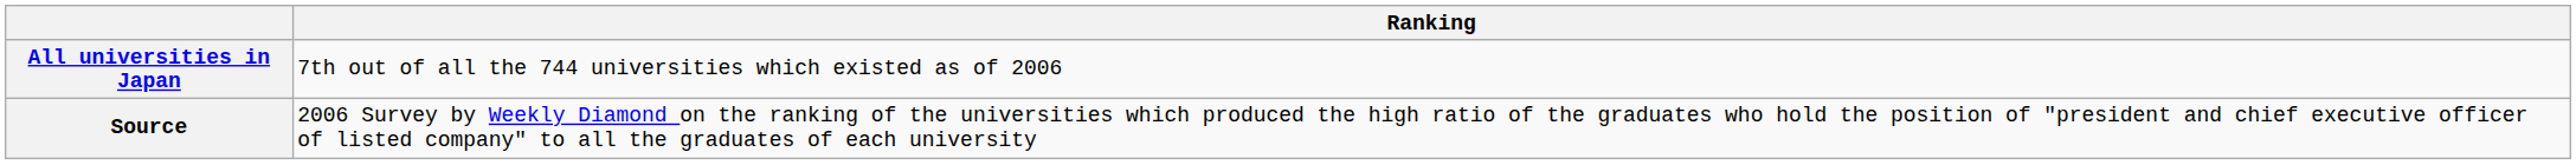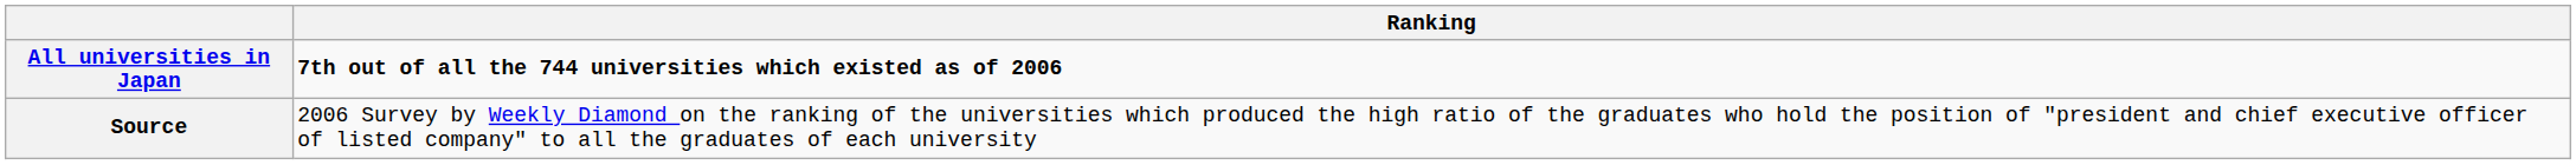 <table class="wikitable">
 <tr>
 <th></th>
 <th>Ranking</th>
 </tr>
 <tr>
 <th><a href='#'>All universities in Japan</a></th>
-<td>7th out of all the 744 universities which existed as of 2006</td>
+<td><strong>7th out of all the 744 universities which existed as of 2006</strong></td>
 </tr>
 <tr>
 <th>Source</th>
 <td>2006 Survey by <a href='#'>Weekly Diamond </a> on the ranking of the universities which produced the high ratio of the graduates who hold the position of "president and chief executive officer of listed company" to all the graduates of each university</td>
 </tr>
 </table>
